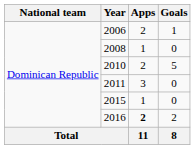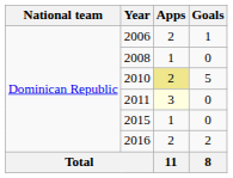 <table class="wikitable" style="text-align: center;">
 <tr>
 <th>National team</th>
 <th>Year</th>
 <th>Apps</th>
 <th>Goals</th>
 </tr>
 <tr>
 <td rowspan="6" valign="center"><a href='#'>Dominican Republic</a></td>
 <td>2006</td>
 <td>2</td>
 <td>1</td>
 </tr>
 <tr>
 <td>2008</td>
 <td>1</td>
 <td>0</td>
 </tr>
 <tr>
 <td>2010</td>
-<td>2</td>
+<td style="background: khaki;">2</td>
 <td>5</td>
 </tr>
 <tr>
 <td>2011</td>
-<td>3</td>
+<td style="background: lightyellow;">3</td>
 <td>0</td>
 </tr>
 <tr>
 <td>2015</td>
 <td>1</td>
 <td>0</td>
 </tr>
 <tr>
 <td>2016</td>
-<td><strong>2</strong></td>
+<td>2</td>
 <td>2</td>
 </tr>
 <tr>
 <th colspan="2">Total</th>
 <th>11</th>
 <th>8</th>
 </tr>
 </table>
